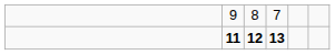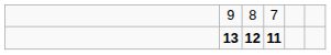 <table class="wikitable">
 <tr>
 <td style="width:15em"></td>
 <td align=center style="width:1em">9</td>
 <td align=center style="width:1em">8</td>
 <td align=center style="width:1em">7</td>
 <td align=center style="width:1em"></td>
 <td align=center style="width:1em"></td>
 </tr>
 <tr>
 <td style="width:15em"></td>
+<td align=center style="width:1em"><strong>13</strong></td>
+<td align=center style="width:1em"><strong>12</strong></td>
 <td align=center style="width:1em"><strong>11</strong></td>
-<td align=center style="width:1em"><strong>12</strong></td>
-<td align=center style="width:1em"><strong>13</strong></td>
 <td align=center style="width:1em"></td>
 <td align=center style="width:1em"></td>
 </tr>
 </table>
